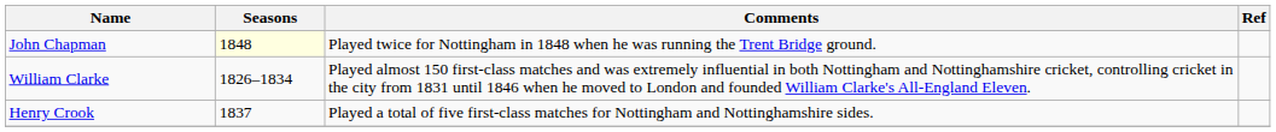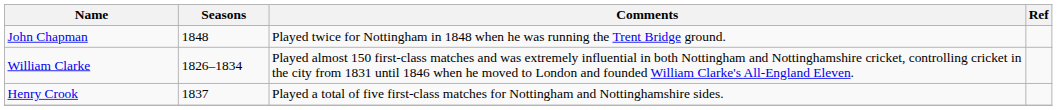 <table class="wikitable">
 <tr>
 <th style="width:200px">Name</th>
 <th style="width: 100px">Seasons</th>
 <th>Comments</th>
 <th>Ref</th>
 </tr>
 <tr>
 <td><a href='#'>John Chapman</a></td>
-<td style="background: lightyellow;">1848</td>
+<td>1848</td>
 <td>Played twice for Nottingham in 1848 when he was running the <a href='#'>Trent Bridge</a> ground.</td>
 <td></td>
 </tr>
 <tr>
 <td><a href='#'>William Clarke</a></td>
 <td>1826–1834</td>
 <td>Played almost 150 first-class matches and was extremely influential in both Nottingham and Nottinghamshire cricket, controlling cricket in the city from 1831 until 1846 when he moved to London and founded <a href='#'>William Clarke's All-England Eleven</a>.</td>
 <td></td>
 </tr>
 <tr>
 <td><a href='#'>Henry Crook</a></td>
 <td>1837</td>
 <td>Played a total of five first-class matches for Nottingham and Nottinghamshire sides.</td>
 <td></td>
 </tr>
 <tr>
 </tr>
 </table>
